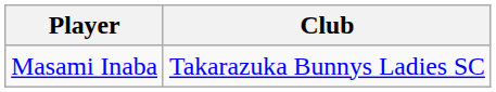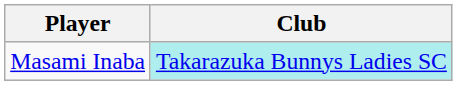 <table class="wikitable">
 <tr>
 <th>Player</th>
 <th>Club</th>
 </tr>
 <tr>
 <td> <a href='#'>Masami Inaba</a></td>
-<td><a href='#'>Takarazuka Bunnys Ladies SC</a></td>
+<td style="background: paleturquoise;"><a href='#'>Takarazuka Bunnys Ladies SC</a></td>
 </tr>
 </table>
